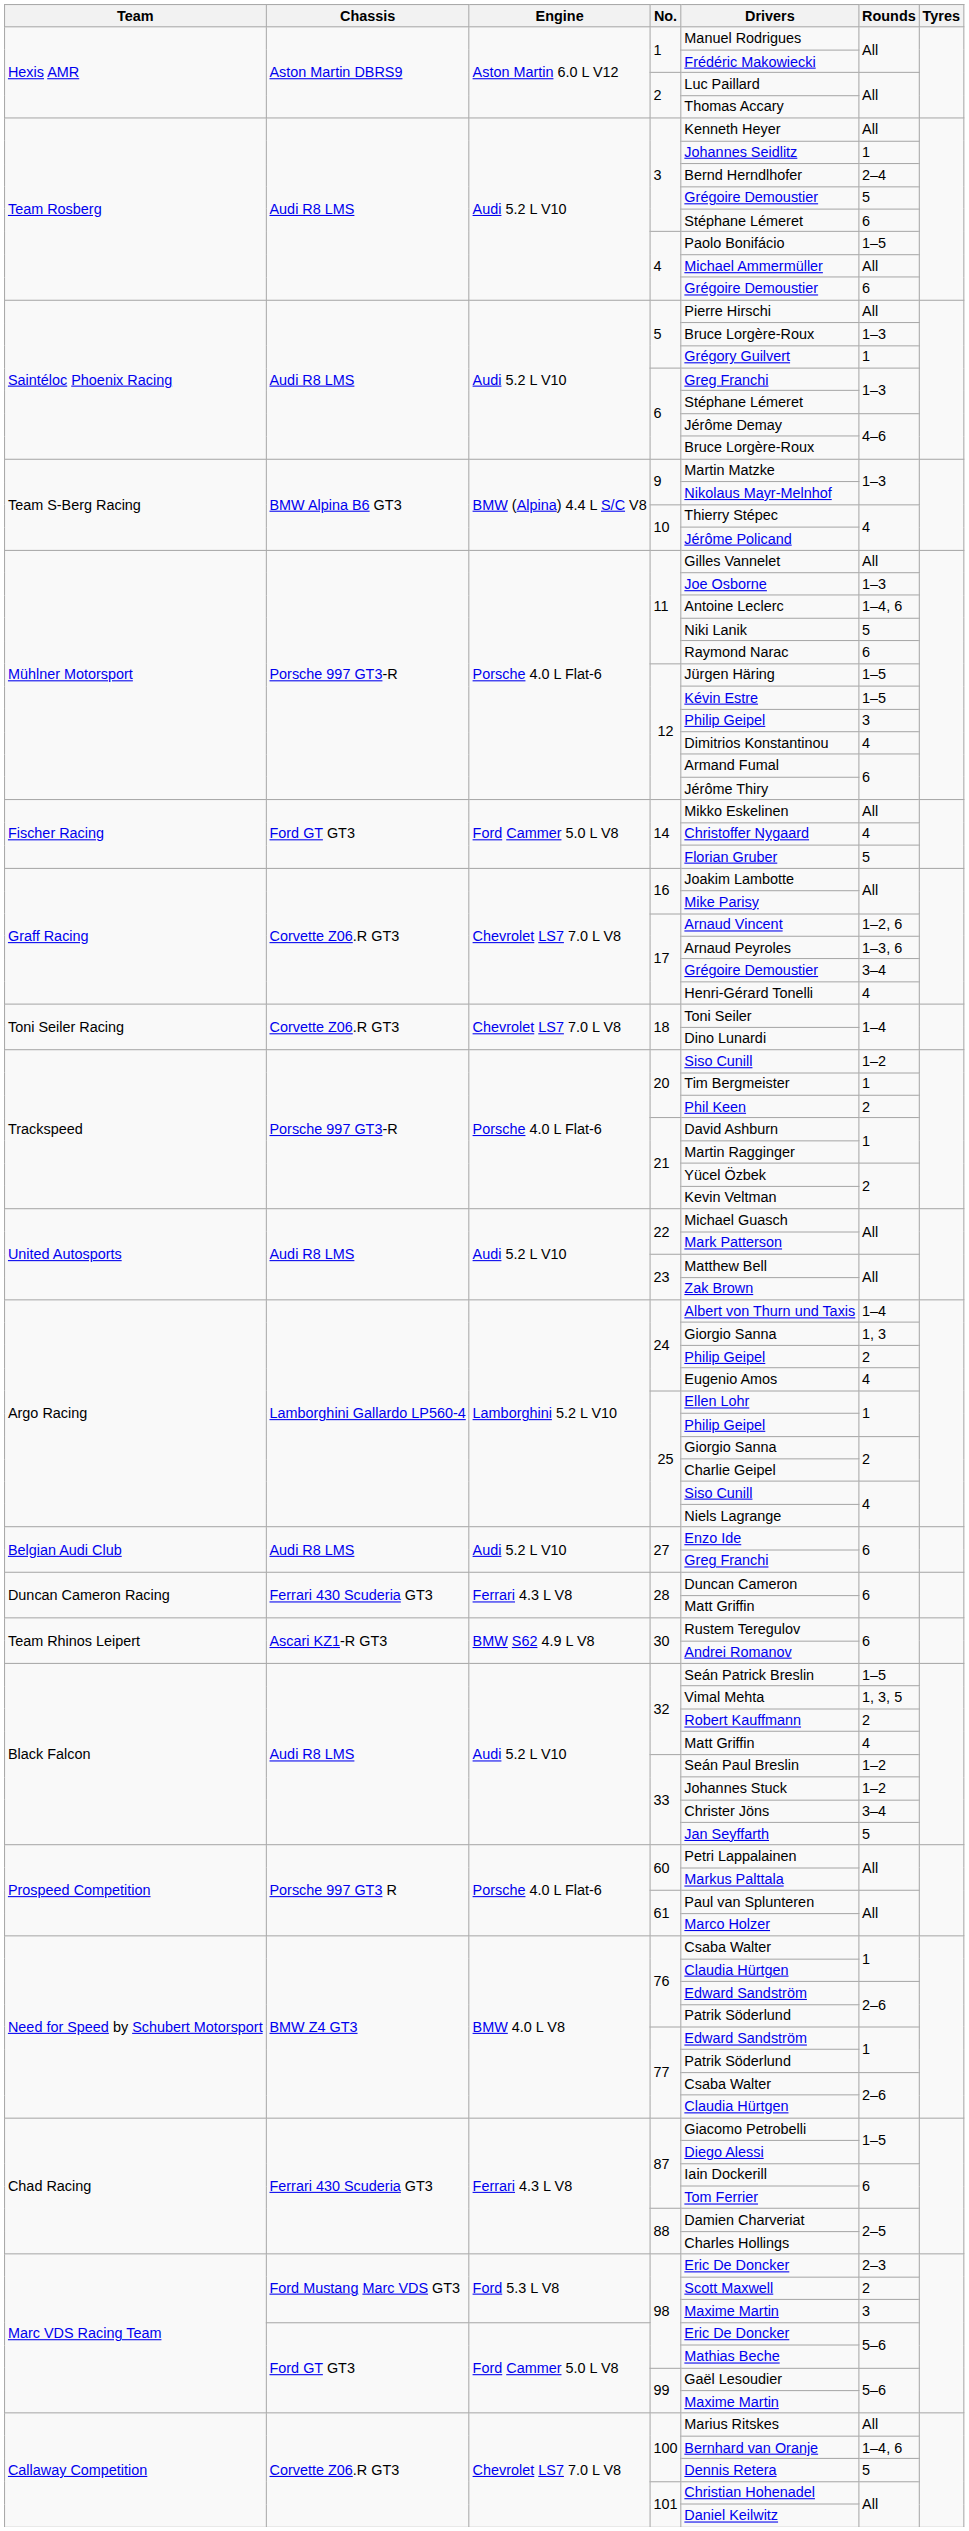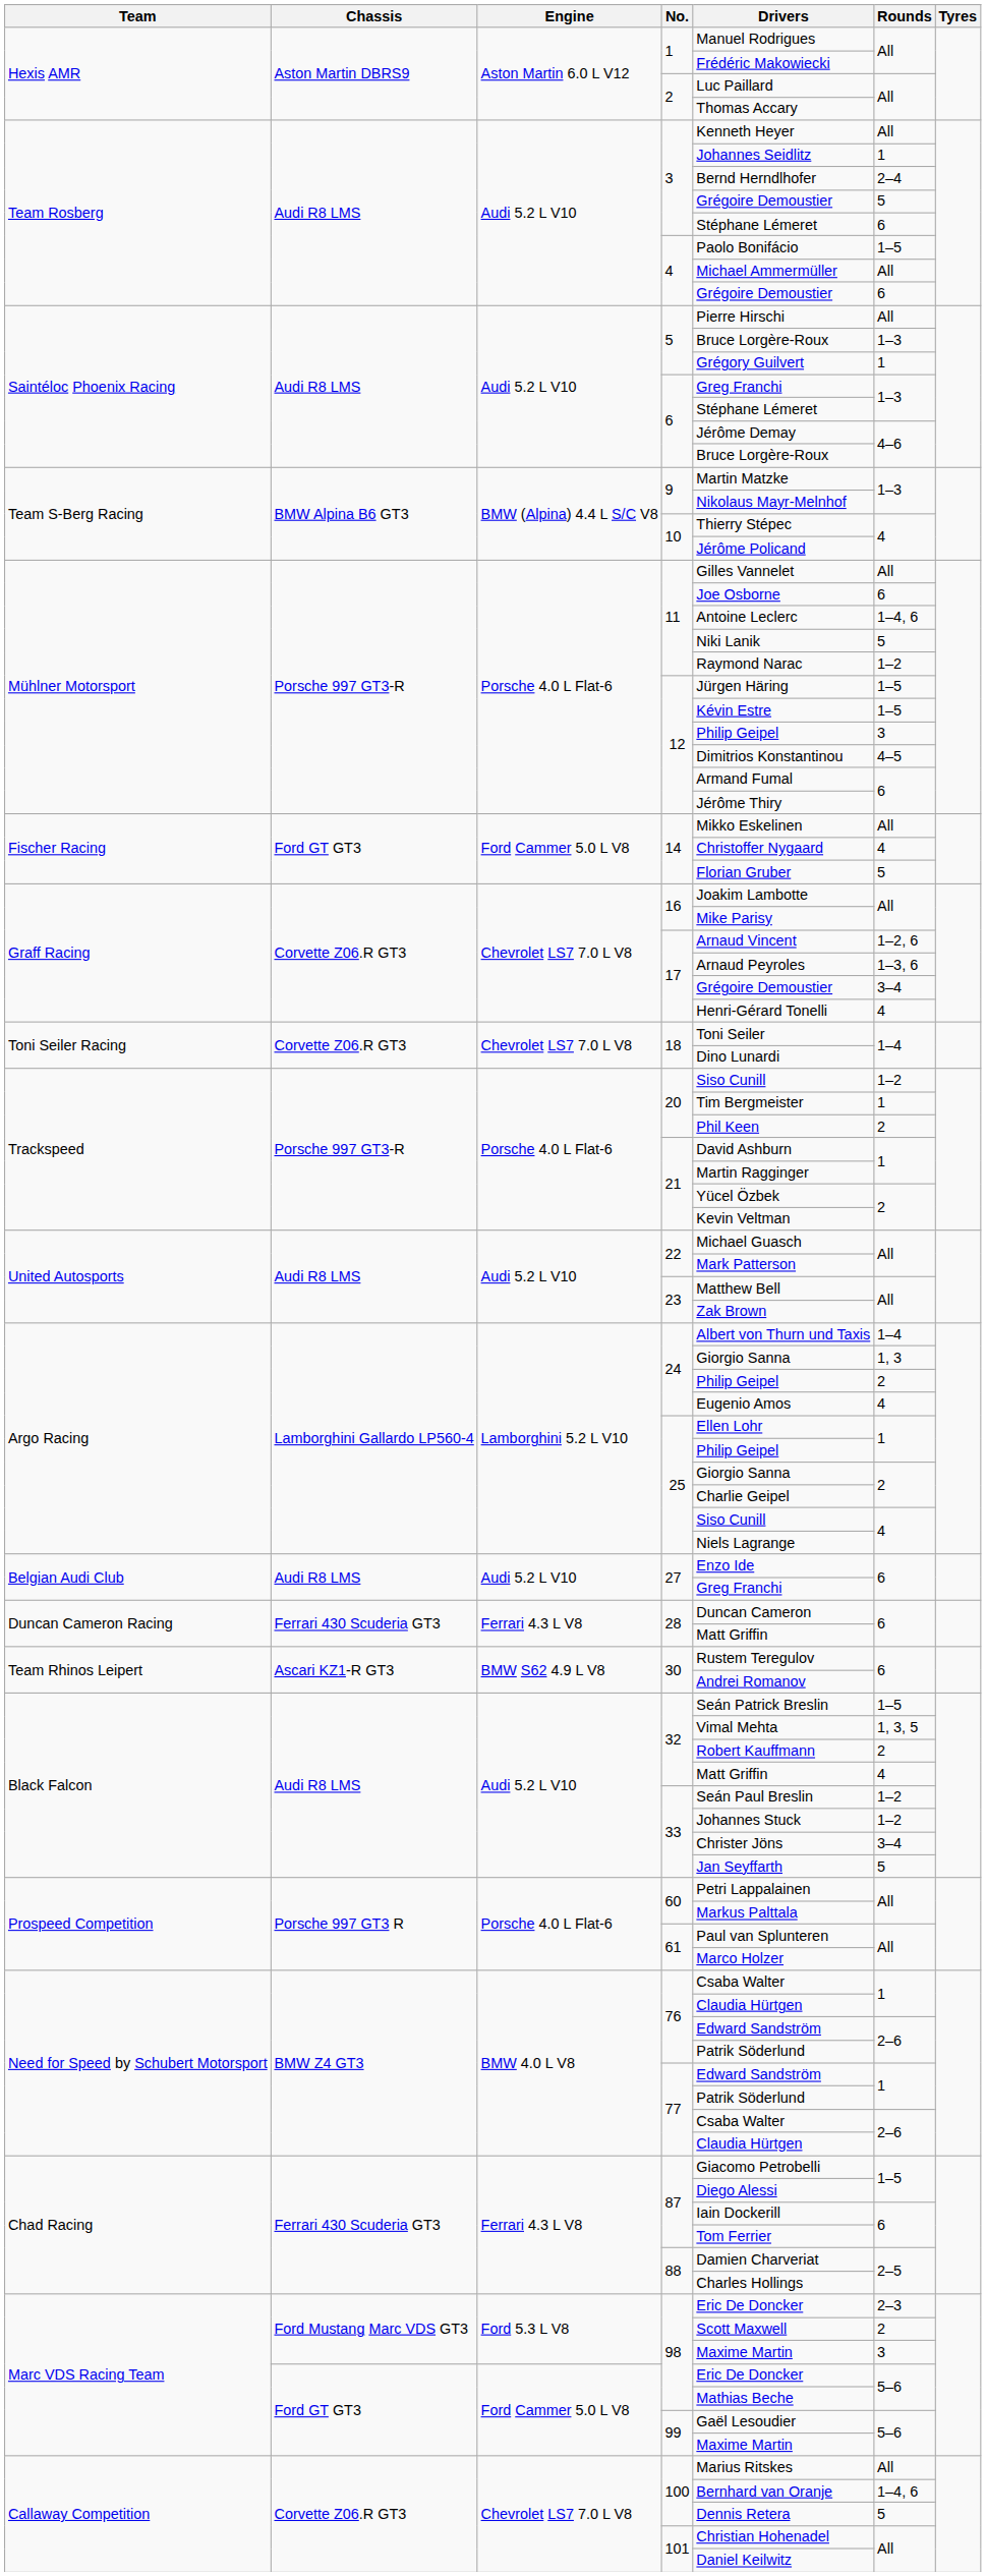 <table class="wikitable" style="font-size: 85%;">
 <tr>
 <th>Team</th>
 <th>Chassis</th>
 <th>Engine</th>
 <th>No.</th>
 <th>Drivers</th>
 <th>Rounds</th>
 <th>Tyres</th>
 </tr>
 <tr>
 <td rowspan=4> <a href='#'>Hexis</a> <a href='#'>AMR</a></td>
 <td rowspan=4><a href='#'>Aston Martin DBRS9</a></td>
 <td rowspan=4><a href='#'>Aston Martin</a> 6.0 L V12</td>
 <td rowspan=2>1</td>
 <td> Manuel Rodrigues</td>
 <td rowspan=2>All</td>
 <td rowspan=4 align=center></td>
 </tr>
 <tr>
 <td> <a href='#'>Frédéric Makowiecki</a></td>
 </tr>
 <tr>
 <td rowspan=2>2</td>
 <td> Luc Paillard</td>
 <td rowspan=2>All</td>
 </tr>
 <tr>
 <td> Thomas Accary</td>
 </tr>
 <tr>
 <td rowspan=8> <a href='#'>Team Rosberg</a></td>
 <td rowspan=8><a href='#'>Audi R8 LMS</a></td>
 <td rowspan=8><a href='#'>Audi</a> 5.2 L V10</td>
 <td rowspan=5>3</td>
 <td> Kenneth Heyer</td>
 <td>All</td>
 <td rowspan=8 align=center></td>
 </tr>
 <tr>
 <td> <a href='#'>Johannes Seidlitz</a></td>
 <td>1</td>
 </tr>
 <tr>
 <td> Bernd Herndlhofer</td>
 <td>2–4</td>
 </tr>
 <tr>
 <td> <a href='#'>Grégoire Demoustier</a></td>
 <td>5</td>
 </tr>
 <tr>
 <td> Stéphane Lémeret</td>
 <td>6</td>
 </tr>
 <tr>
 <td rowspan=3>4</td>
 <td> Paolo Bonifácio</td>
 <td>1–5</td>
 </tr>
 <tr>
 <td> <a href='#'>Michael Ammermüller</a></td>
 <td>All</td>
 </tr>
 <tr>
 <td> <a href='#'>Grégoire Demoustier</a></td>
 <td>6</td>
 </tr>
 <tr>
 <td rowspan=7> <a href='#'>Saintéloc</a> <a href='#'>Phoenix Racing</a></td>
 <td rowspan=7><a href='#'>Audi R8 LMS</a></td>
 <td rowspan=7><a href='#'>Audi</a> 5.2 L V10</td>
 <td rowspan=3>5</td>
 <td> Pierre Hirschi</td>
 <td>All</td>
 <td rowspan=7 align=center></td>
 </tr>
 <tr>
 <td> Bruce Lorgère-Roux</td>
 <td>1–3</td>
 </tr>
 <tr>
 <td> <a href='#'>Grégory Guilvert</a></td>
 <td>1</td>
 </tr>
 <tr>
 <td rowspan=4>6</td>
 <td> <a href='#'>Greg Franchi</a></td>
 <td rowspan=2>1–3</td>
 </tr>
 <tr>
 <td> Stéphane Lémeret</td>
 </tr>
 <tr>
 <td> Jérôme Demay</td>
 <td rowspan=2>4–6</td>
 </tr>
 <tr>
 <td> Bruce Lorgère-Roux</td>
 </tr>
 <tr>
 <td rowspan=4> Team S-Berg Racing</td>
 <td rowspan=4><a href='#'>BMW Alpina B6</a> GT3</td>
 <td rowspan=4><a href='#'>BMW</a> (<a href='#'>Alpina</a>) 4.4 L <a href='#'>S/C</a> V8</td>
 <td rowspan=2>9</td>
 <td> Martin Matzke</td>
 <td rowspan=2>1–3</td>
 <td rowspan=4 align=center></td>
 </tr>
 <tr>
 <td> <a href='#'>Nikolaus Mayr-Melnhof</a></td>
 </tr>
 <tr>
 <td rowspan=2>10</td>
 <td> Thierry Stépec</td>
 <td rowspan=2>4</td>
 </tr>
 <tr>
 <td> <a href='#'>Jérôme Policand</a></td>
 </tr>
 <tr>
 <td rowspan=11> <a href='#'>Mühlner Motorsport</a></td>
 <td rowspan=11><a href='#'>Porsche 997 GT3</a>-R</td>
 <td rowspan=11><a href='#'>Porsche</a> 4.0 L Flat-6</td>
 <td rowspan=5>11</td>
 <td> Gilles Vannelet</td>
 <td>All</td>
 <td rowspan=11 align=center></td>
 </tr>
 <tr>
 <td> <a href='#'>Joe Osborne</a></td>
-<td>1–3</td>
+<td>6</td>
 </tr>
 <tr>
 <td> Antoine Leclerc</td>
 <td>1–4, 6</td>
 </tr>
 <tr>
 <td> Niki Lanik</td>
 <td>5</td>
 </tr>
 <tr>
 <td> Raymond Narac</td>
-<td>6</td>
+<td>1–2</td>
 </tr>
 <tr>
 <td rowspan=6 align="center">12</td>
 <td> Jürgen Häring</td>
 <td>1–5</td>
 </tr>
 <tr>
 <td> <a href='#'>Kévin Estre</a></td>
 <td>1–5</td>
 </tr>
 <tr>
 <td> <a href='#'>Philip Geipel</a></td>
 <td>3</td>
 </tr>
 <tr>
 <td> Dimitrios Konstantinou</td>
-<td>4</td>
+<td>4–5</td>
 </tr>
 <tr>
 <td> Armand Fumal</td>
 <td rowspan=2>6</td>
 </tr>
 <tr>
 <td> Jérôme Thiry</td>
 </tr>
 <tr>
 <td rowspan=3> <a href='#'>Fischer Racing</a></td>
 <td rowspan=3><a href='#'>Ford GT</a> GT3</td>
 <td rowspan=3><a href='#'>Ford</a> <a href='#'>Cammer</a> 5.0 L V8</td>
 <td rowspan=3>14</td>
 <td> Mikko Eskelinen</td>
 <td>All</td>
 <td rowspan=3 align=center></td>
 </tr>
 <tr>
 <td> <a href='#'>Christoffer Nygaard</a></td>
 <td>4</td>
 </tr>
 <tr>
 <td> <a href='#'>Florian Gruber</a></td>
 <td>5</td>
 </tr>
 <tr>
 <td rowspan=6> <a href='#'>Graff Racing</a></td>
 <td rowspan=6><a href='#'>Corvette Z06</a>.R GT3</td>
 <td rowspan=6><a href='#'>Chevrolet</a> <a href='#'>LS7</a> 7.0 L V8</td>
 <td rowspan=2>16</td>
 <td> Joakim Lambotte</td>
 <td rowspan=2>All</td>
 <td rowspan=6 align=center></td>
 </tr>
 <tr>
 <td> <a href='#'>Mike Parisy</a></td>
 </tr>
 <tr>
 <td rowspan=4>17</td>
 <td> <a href='#'>Arnaud Vincent</a></td>
 <td>1–2, 6</td>
 </tr>
 <tr>
 <td> Arnaud Peyroles</td>
 <td>1–3, 6</td>
 </tr>
 <tr>
 <td> <a href='#'>Grégoire Demoustier</a></td>
 <td>3–4</td>
 </tr>
 <tr>
 <td> Henri-Gérard Tonelli</td>
 <td>4</td>
 </tr>
 <tr>
 <td rowspan=2> Toni Seiler Racing</td>
 <td rowspan=2><a href='#'>Corvette Z06</a>.R GT3</td>
 <td rowspan=2><a href='#'>Chevrolet</a> <a href='#'>LS7</a> 7.0 L V8</td>
 <td rowspan=2>18</td>
 <td> Toni Seiler</td>
 <td rowspan=2>1–4</td>
 <td rowspan=2 align=center></td>
 </tr>
 <tr>
 <td> Dino Lunardi</td>
 </tr>
 <tr>
 <td rowspan=7> Trackspeed</td>
 <td rowspan=7><a href='#'>Porsche 997 GT3</a>-R</td>
 <td rowspan=7><a href='#'>Porsche</a> 4.0 L Flat-6</td>
 <td rowspan=3>20</td>
 <td> <a href='#'>Siso Cunill</a></td>
 <td>1–2</td>
 <td rowspan=7 align=center></td>
 </tr>
 <tr>
 <td> Tim Bergmeister</td>
 <td>1</td>
 </tr>
 <tr>
 <td> <a href='#'>Phil Keen</a></td>
 <td>2</td>
 </tr>
 <tr>
 <td rowspan=4>21</td>
 <td> David Ashburn</td>
 <td rowspan=2>1</td>
 </tr>
 <tr>
 <td> Martin Ragginger</td>
 </tr>
 <tr>
 <td> Yücel Özbek</td>
 <td rowspan=2>2</td>
 </tr>
 <tr>
 <td> Kevin Veltman</td>
 </tr>
 <tr>
 <td rowspan=4> <a href='#'>United Autosports</a></td>
 <td rowspan=4><a href='#'>Audi R8 LMS</a></td>
 <td rowspan=4><a href='#'>Audi</a> 5.2 L V10</td>
 <td rowspan=2>22</td>
 <td> Michael Guasch</td>
 <td rowspan=2>All</td>
 <td rowspan=4 align=center><br></td>
 </tr>
 <tr>
 <td> <a href='#'>Mark Patterson</a></td>
 </tr>
 <tr>
 <td rowspan=2>23</td>
 <td> Matthew Bell</td>
 <td rowspan=2>All</td>
 </tr>
 <tr>
 <td> <a href='#'>Zak Brown</a></td>
 </tr>
 <tr>
 <td rowspan=10> Argo Racing</td>
 <td rowspan=10><a href='#'>Lamborghini Gallardo LP560-4</a></td>
 <td rowspan=10><a href='#'>Lamborghini</a> 5.2 L V10</td>
 <td rowspan=4>24</td>
 <td> <a href='#'>Albert von Thurn und Taxis</a></td>
 <td>1–4</td>
 <td rowspan=10 align=center></td>
 </tr>
 <tr>
 <td> Giorgio Sanna</td>
 <td>1, 3</td>
 </tr>
 <tr>
 <td> <a href='#'>Philip Geipel</a></td>
 <td>2</td>
 </tr>
 <tr>
 <td> Eugenio Amos</td>
 <td>4</td>
 </tr>
 <tr>
 <td rowspan=6 align="center">25</td>
 <td> <a href='#'>Ellen Lohr</a></td>
 <td rowspan=2>1</td>
 </tr>
 <tr>
 <td> <a href='#'>Philip Geipel</a></td>
 </tr>
 <tr>
 <td> Giorgio Sanna</td>
 <td rowspan=2>2</td>
 </tr>
 <tr>
 <td> Charlie Geipel</td>
 </tr>
 <tr>
 <td> <a href='#'>Siso Cunill</a></td>
 <td rowspan=2>4</td>
 </tr>
 <tr>
 <td> Niels Lagrange</td>
 </tr>
 <tr>
 <td rowspan=2> <a href='#'>Belgian Audi Club</a></td>
 <td rowspan=2><a href='#'>Audi R8 LMS</a></td>
 <td rowspan=2><a href='#'>Audi</a> 5.2 L V10</td>
 <td rowspan=2>27</td>
 <td> <a href='#'>Enzo Ide</a></td>
 <td rowspan=2>6</td>
 <td rowspan=2 align=center></td>
 </tr>
 <tr>
 <td> <a href='#'>Greg Franchi</a></td>
 </tr>
 <tr>
 <td rowspan=2> Duncan Cameron Racing</td>
 <td rowspan=2><a href='#'>Ferrari 430 Scuderia</a> GT3</td>
 <td rowspan=2><a href='#'>Ferrari</a> 4.3 L V8</td>
 <td rowspan=2>28</td>
 <td> Duncan Cameron</td>
 <td rowspan=2>6</td>
 <td rowspan=2 align=center></td>
 </tr>
 <tr>
 <td> Matt Griffin</td>
 </tr>
 <tr>
 <td rowspan=2> Team Rhinos Leipert</td>
 <td rowspan=2><a href='#'>Ascari KZ1</a>-R GT3</td>
 <td rowspan=2><a href='#'>BMW</a> <a href='#'>S62</a> 4.9 L V8</td>
 <td rowspan=2>30</td>
 <td> Rustem Teregulov</td>
 <td rowspan=2>6</td>
 <td rowspan=2 align=center></td>
 </tr>
 <tr>
 <td> <a href='#'>Andrei Romanov</a></td>
 </tr>
 <tr>
 <td rowspan=8> Black Falcon</td>
 <td rowspan=8><a href='#'>Audi R8 LMS</a></td>
 <td rowspan=8><a href='#'>Audi</a> 5.2 L V10</td>
 <td rowspan=4>32</td>
 <td> Seán Patrick Breslin</td>
 <td>1–5</td>
 <td rowspan=8 align=center></td>
 </tr>
 <tr>
 <td> Vimal Mehta</td>
 <td>1, 3, 5</td>
 </tr>
 <tr>
 <td> <a href='#'>Robert Kauffmann</a></td>
 <td>2</td>
 </tr>
 <tr>
 <td> Matt Griffin</td>
 <td>4</td>
 </tr>
 <tr>
 <td rowspan=4>33</td>
 <td> Seán Paul Breslin</td>
 <td>1–2</td>
 </tr>
 <tr>
 <td> Johannes Stuck</td>
 <td>1–2</td>
 </tr>
 <tr>
 <td> Christer Jöns</td>
 <td>3–4</td>
 </tr>
 <tr>
 <td> <a href='#'>Jan Seyffarth</a></td>
 <td>5</td>
 </tr>
 <tr>
 <td rowspan=4> <a href='#'>Prospeed Competition</a></td>
 <td rowspan=4><a href='#'>Porsche 997 GT3</a> R</td>
 <td rowspan=4><a href='#'>Porsche</a> 4.0 L Flat-6</td>
 <td rowspan=2>60</td>
 <td> Petri Lappalainen</td>
 <td rowspan=2>All</td>
 <td rowspan=4 align=center></td>
 </tr>
 <tr>
 <td> <a href='#'>Markus Palttala</a></td>
 </tr>
 <tr>
 <td rowspan=2>61</td>
 <td> Paul van Splunteren</td>
 <td rowspan=2>All</td>
 </tr>
 <tr>
 <td> <a href='#'>Marco Holzer</a></td>
 </tr>
 <tr>
 <td rowspan=8> <a href='#'>Need for Speed</a> by <a href='#'>Schubert Motorsport</a></td>
 <td rowspan=8><a href='#'>BMW Z4 GT3</a></td>
 <td rowspan=8><a href='#'>BMW</a> 4.0 L V8</td>
 <td rowspan=4>76</td>
 <td> Csaba Walter</td>
 <td rowspan=2>1</td>
 <td rowspan=8 align=center></td>
 </tr>
 <tr>
 <td> <a href='#'>Claudia Hürtgen</a></td>
 </tr>
 <tr>
 <td> <a href='#'>Edward Sandström</a></td>
 <td rowspan=2>2–6</td>
 </tr>
 <tr>
 <td> Patrik Söderlund</td>
 </tr>
 <tr>
 <td rowspan=4>77</td>
 <td> <a href='#'>Edward Sandström</a></td>
 <td rowspan=2>1</td>
 </tr>
 <tr>
 <td> Patrik Söderlund</td>
 </tr>
 <tr>
 <td> Csaba Walter</td>
 <td rowspan=2>2–6</td>
 </tr>
 <tr>
 <td> <a href='#'>Claudia Hürtgen</a></td>
 </tr>
 <tr>
 <td rowspan=6> Chad Racing</td>
 <td rowspan=6><a href='#'>Ferrari 430 Scuderia</a> GT3</td>
 <td rowspan=6><a href='#'>Ferrari</a> 4.3 L V8</td>
 <td rowspan=4>87</td>
 <td> Giacomo Petrobelli</td>
 <td rowspan=2>1–5</td>
 <td rowspan=6 align=center></td>
 </tr>
 <tr>
 <td> <a href='#'>Diego Alessi</a></td>
 </tr>
 <tr>
 <td> Iain Dockerill</td>
 <td rowspan=2>6</td>
 </tr>
 <tr>
 <td> <a href='#'>Tom Ferrier</a></td>
 </tr>
 <tr>
 <td rowspan=2>88</td>
 <td> Damien Charveriat</td>
 <td rowspan=2>2–5</td>
 </tr>
 <tr>
 <td> Charles Hollings</td>
 </tr>
 <tr>
 <td rowspan=7> <a href='#'>Marc VDS Racing Team</a></td>
 <td rowspan=3><a href='#'>Ford Mustang</a> <a href='#'>Marc VDS</a> GT3</td>
 <td rowspan=3><a href='#'>Ford</a> 5.3 L V8</td>
 <td rowspan=5>98</td>
 <td> <a href='#'>Eric De Doncker</a></td>
 <td>2–3</td>
 <td rowspan=7 align=center></td>
 </tr>
 <tr>
 <td> <a href='#'>Scott Maxwell</a></td>
 <td>2</td>
 </tr>
 <tr>
 <td> <a href='#'>Maxime Martin</a></td>
 <td>3</td>
 </tr>
 <tr>
 <td rowspan=4><a href='#'>Ford GT</a> GT3</td>
 <td rowspan=4><a href='#'>Ford</a> <a href='#'>Cammer</a> 5.0 L V8</td>
 <td> <a href='#'>Eric De Doncker</a></td>
 <td rowspan=2>5–6</td>
 </tr>
 <tr>
 <td> <a href='#'>Mathias Beche</a></td>
 </tr>
 <tr>
 <td rowspan=2>99</td>
 <td> Gaël Lesoudier</td>
 <td rowspan=2>5–6</td>
 </tr>
 <tr>
 <td> <a href='#'>Maxime Martin</a></td>
 </tr>
 <tr>
 <td rowspan=5> <a href='#'>Callaway Competition</a></td>
 <td rowspan=5><a href='#'>Corvette Z06</a>.R GT3</td>
 <td rowspan=5><a href='#'>Chevrolet</a> <a href='#'>LS7</a> 7.0 L V8</td>
 <td rowspan=3>100</td>
 <td> Marius Ritskes</td>
 <td>All</td>
 <td rowspan=5 align=center></td>
 </tr>
 <tr>
 <td> <a href='#'>Bernhard van Oranje</a></td>
 <td>1–4, 6</td>
 </tr>
 <tr>
 <td> <a href='#'>Dennis Retera</a></td>
 <td>5</td>
 </tr>
 <tr>
 <td rowspan=2>101</td>
 <td> <a href='#'>Christian Hohenadel</a></td>
 <td rowspan=2>All</td>
 </tr>
 <tr>
 <td> <a href='#'>Daniel Keilwitz</a></td>
 </tr>
 </table>
